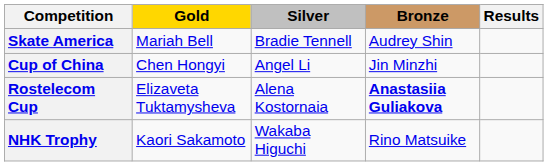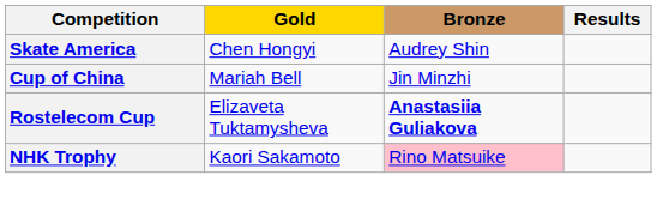 <table class="wikitable unsortable" style="text-align:left; width:90%;">
 <tr>
 <th scope="col" style="text-align:center; width:25%;">Competition</th>
 <td scope="col" style="text-align:center; width:22.5%; background:gold"><strong>Gold</strong></td>
-<td scope="col" style="text-align:center; width:22.5%; background:silver"><strong>Silver</strong></td>
 <td scope="col" style="text-align:center; width:22.5%; background:#c96"><strong>Bronze</strong></td>
 <th scope="col" style="text-align:center; width:7.5%;">Results</th>
 </tr>
 <tr>
 <th scope="row" style="text-align:left"> <a href='#'>Skate America</a></th>
-<td> <a href='#'>Mariah Bell</a></td>
-<td> <a href='#'>Bradie Tennell</a></td>
+<td> <a href='#'>Chen Hongyi</a></td>
 <td> <a href='#'>Audrey Shin</a></td>
 <td></td>
 </tr>
 <tr>
 <th scope="row" style="text-align:left"> <a href='#'>Cup of China</a></th>
-<td> <a href='#'>Chen Hongyi</a></td>
-<td> <a href='#'>Angel Li</a></td>
+<td> <a href='#'>Mariah Bell</a></td>
 <td> <a href='#'>Jin Minzhi</a></td>
 <td></td>
 </tr>
 <tr>
 <th scope="row" style="text-align:left"> <a href='#'>Rostelecom Cup</a></th>
 <td> <a href='#'>Elizaveta Tuktamysheva</a></td>
-<td> <a href='#'>Alena Kostornaia</a></td>
 <td><strong> <a href='#'>Anastasiia Guliakova</a></strong></td>
 <td></td>
 </tr>
 <tr>
 <th scope="row" style="text-align:left"> <a href='#'>NHK Trophy</a></th>
 <td> <a href='#'>Kaori Sakamoto</a></td>
-<td> <a href='#'>Wakaba Higuchi</a></td>
-<td> <a href='#'>Rino Matsuike</a></td>
+<td style="background: pink;"> <a href='#'>Rino Matsuike</a></td>
 <td></td>
 </tr>
 </table>
